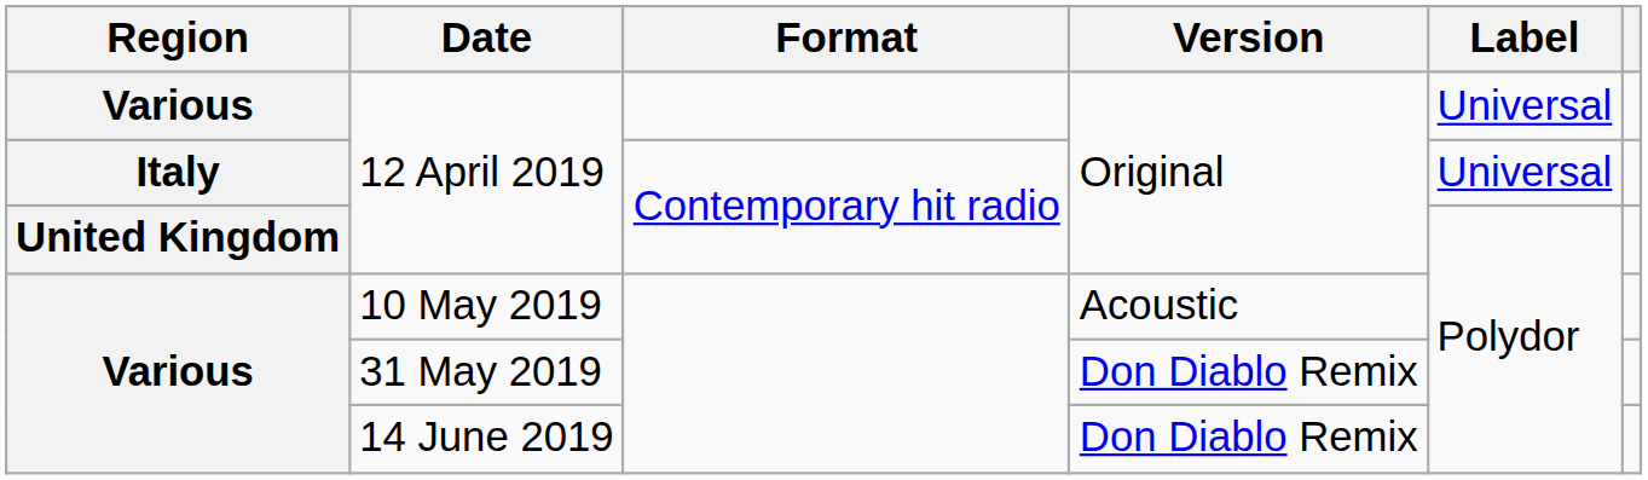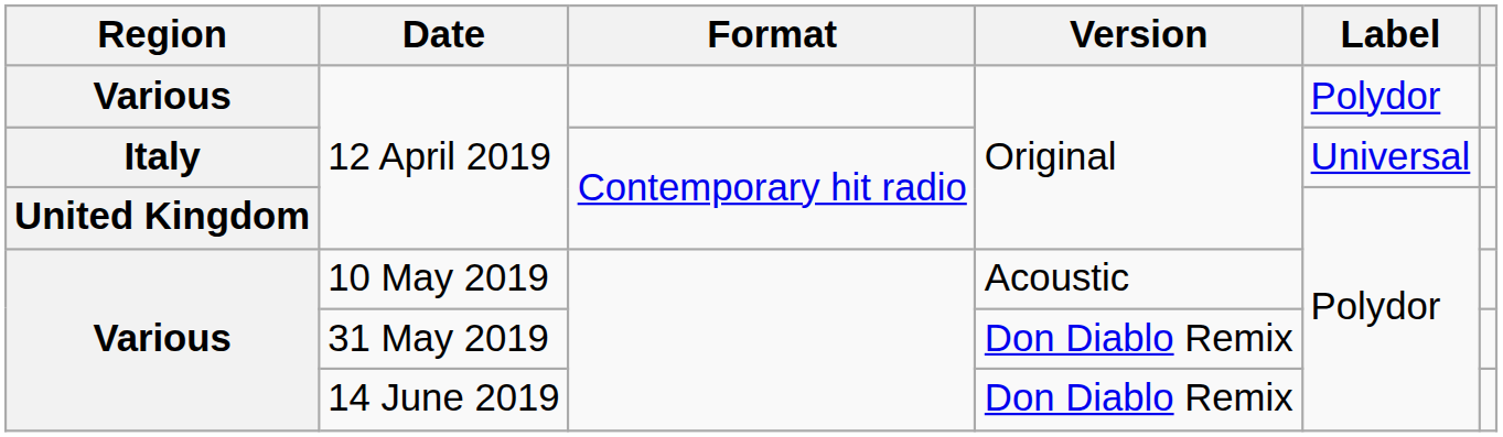 <table class="wikitable plainrowheaders">
 <tr>
 <th scope="col">Region</th>
 <th scope="col">Date</th>
 <th scope="col">Format</th>
 <th scope="col">Version</th>
 <th scope="col">Label</th>
 <th scope="col"></th>
 </tr>
 <tr>
 <th scope="row">Various</th>
 <td rowspan="3">12 April 2019</td>
 <td></td>
 <td rowspan="3">Original</td>
-<td><a href='#'>Universal</a></td>
+<td><a href='#'>Polydor</a></td>
 <td></td>
 </tr>
 <tr>
 <th scope="row">Italy</th>
 <td rowspan="2"><a href='#'>Contemporary hit radio</a></td>
 <td><a href='#'>Universal</a></td>
 <td align="center"></td>
 </tr>
 <tr>
 <th scope="row">United Kingdom</th>
 <td rowspan="4">Polydor</td>
 <td align="center"></td>
 </tr>
 <tr>
 <th scope="row" rowspan="3">Various</th>
 <td>10 May 2019</td>
 <td rowspan="3"></td>
 <td>Acoustic</td>
 <td align="Center"></td>
 </tr>
 <tr>
 <td>31 May 2019</td>
 <td><a href='#'>Don Diablo</a> Remix</td>
 <td align="center"></td>
 </tr>
 <tr>
 <td>14 June 2019</td>
 <td><a href='#'>Don Diablo</a> Remix</td>
 <td align="center"></td>
 </tr>
 </table>
